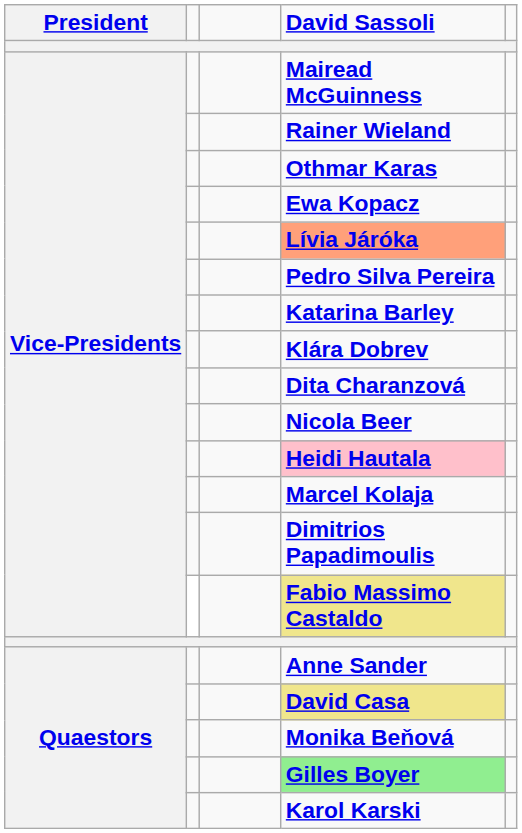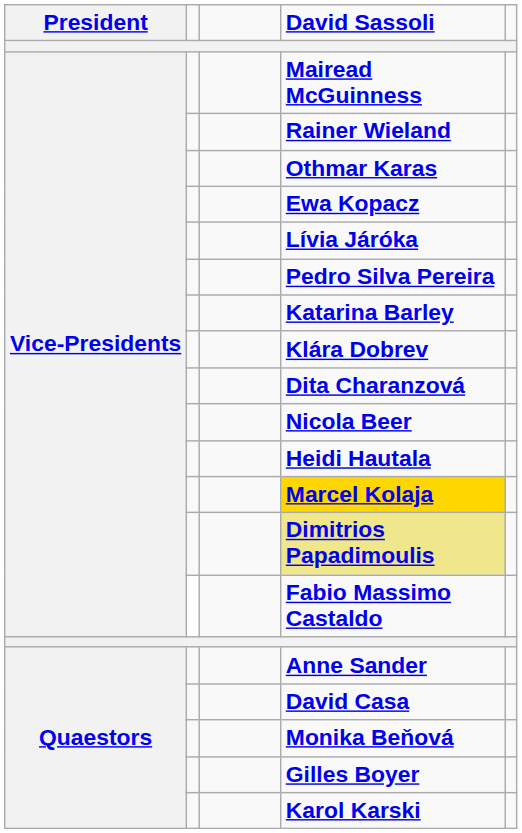 <table class="wikitable">
 <tr>
 <th><strong><a href='#'>President</a></strong></th>
 <td style="width:1px;" style="background-color:"></td>
 <td style="width:50px;"><strong></strong></td>
 <td style="width:150px;"><strong><a href='#'>David Sassoli</a></strong></td>
 <td></td>
 </tr>
 <tr>
 <th colspan="5"></th>
 </tr>
 <tr>
 <th rowspan="14"><strong><a href='#'>Vice-Presidents</a></strong></th>
 <td style="background-color:"></td>
 <td><strong></strong></td>
 <td><strong><a href='#'>Mairead McGuinness</a></strong></td>
 <td></td>
 </tr>
 <tr>
 <td style="background-color:"></td>
 <td><strong></strong></td>
 <td><strong><a href='#'>Rainer Wieland</a></strong></td>
 <td></td>
 </tr>
 <tr>
 <td style="background-color:"></td>
 <td><strong></strong></td>
 <td><strong><a href='#'>Othmar Karas</a></strong></td>
 <td></td>
 </tr>
 <tr>
 <td style="background-color:"></td>
 <td><strong></strong></td>
 <td><strong><a href='#'>Ewa Kopacz</a></strong></td>
 <td></td>
 </tr>
 <tr>
 <td style="background-color:"></td>
 <td><strong></strong></td>
-<td style="background: lightsalmon;"><strong><a href='#'>Lívia Járóka</a></strong></td>
+<td><strong><a href='#'>Lívia Járóka</a></strong></td>
 <td></td>
 </tr>
 <tr>
 <td style="background-color:"></td>
 <td><strong></strong></td>
 <td><strong><a href='#'>Pedro Silva Pereira</a></strong></td>
 <td></td>
 </tr>
 <tr>
 <td style="background-color:"></td>
 <td><strong></strong></td>
 <td><strong><a href='#'>Katarina Barley</a></strong></td>
 <td></td>
 </tr>
 <tr>
 <td style="background-color:"></td>
 <td><strong></strong></td>
 <td><strong><a href='#'>Klára Dobrev</a></strong></td>
 <td></td>
 </tr>
 <tr>
 <td style="background-color:"></td>
 <td><strong></strong></td>
 <td><strong><a href='#'>Dita Charanzová</a></strong></td>
 <td></td>
 </tr>
 <tr>
 <td style="background-color:"></td>
 <td><strong></strong></td>
 <td><strong><a href='#'>Nicola Beer</a></strong></td>
 <td></td>
 </tr>
 <tr>
 <td style="background:"></td>
 <td><strong></strong></td>
-<td style="background: pink;"><strong><a href='#'>Heidi Hautala</a></strong></td>
+<td><strong><a href='#'>Heidi Hautala</a></strong></td>
 <td></td>
 </tr>
 <tr>
 <td style="background:"></td>
 <td><strong></strong></td>
-<td><strong><a href='#'>Marcel Kolaja</a></strong></td>
+<td style="background: gold;"><strong><a href='#'>Marcel Kolaja</a></strong></td>
 <td></td>
 </tr>
 <tr>
 <td style="background-color:"></td>
 <td><strong></strong></td>
-<td><strong><a href='#'>Dimitrios Papadimoulis</a></strong></td>
+<td style="background: khaki;"><strong><a href='#'>Dimitrios Papadimoulis</a></strong></td>
 <td></td>
 </tr>
 <tr>
 <td style="background-color:white"></td>
 <td><strong></strong></td>
-<td style="background: khaki;"><strong><a href='#'>Fabio Massimo Castaldo</a></strong></td>
+<td><strong><a href='#'>Fabio Massimo Castaldo</a></strong></td>
 <td></td>
 </tr>
 <tr>
 <th colspan="5"></th>
 </tr>
 <tr>
 <th rowspan="5"><strong><a href='#'>Quaestors</a></strong></th>
 <td style="background-color:"></td>
 <td><strong></strong></td>
 <td><strong><a href='#'>Anne Sander</a></strong></td>
 <td></td>
 </tr>
 <tr>
 <td style="background-color:"></td>
 <td><strong></strong></td>
-<td style="background: khaki;"><strong><a href='#'>David Casa</a></strong></td>
+<td><strong><a href='#'>David Casa</a></strong></td>
 <td></td>
 </tr>
 <tr>
 <td style="background-color:"></td>
 <td><strong></strong></td>
 <td><strong><a href='#'>Monika Beňová</a></strong></td>
 <td></td>
 </tr>
 <tr>
 <td style="background-color:"></td>
 <td><strong></strong></td>
-<td style="background: lightgreen;"><strong><a href='#'>Gilles Boyer</a></strong></td>
+<td><strong><a href='#'>Gilles Boyer</a></strong></td>
 <td></td>
 </tr>
 <tr>
 <td style="background:"></td>
 <td><strong></strong></td>
 <td><strong><a href='#'>Karol Karski</a></strong></td>
 <td></td>
 </tr>
 </table>
